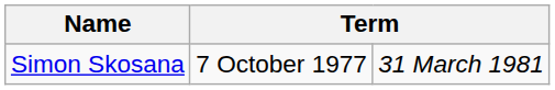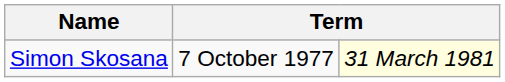 <table class="wikitable">
 <tr>
 <th>Name</th>
 <th colspan="2">Term</th>
 </tr>
 <tr>
 <td><a href='#'>Simon Skosana</a></td>
 <td>7 October 1977</td>
-<td><em>31 March 1981</em></td>
+<td style="background: lightyellow;"><em>31 March 1981</em></td>
 </tr>
 </table>
